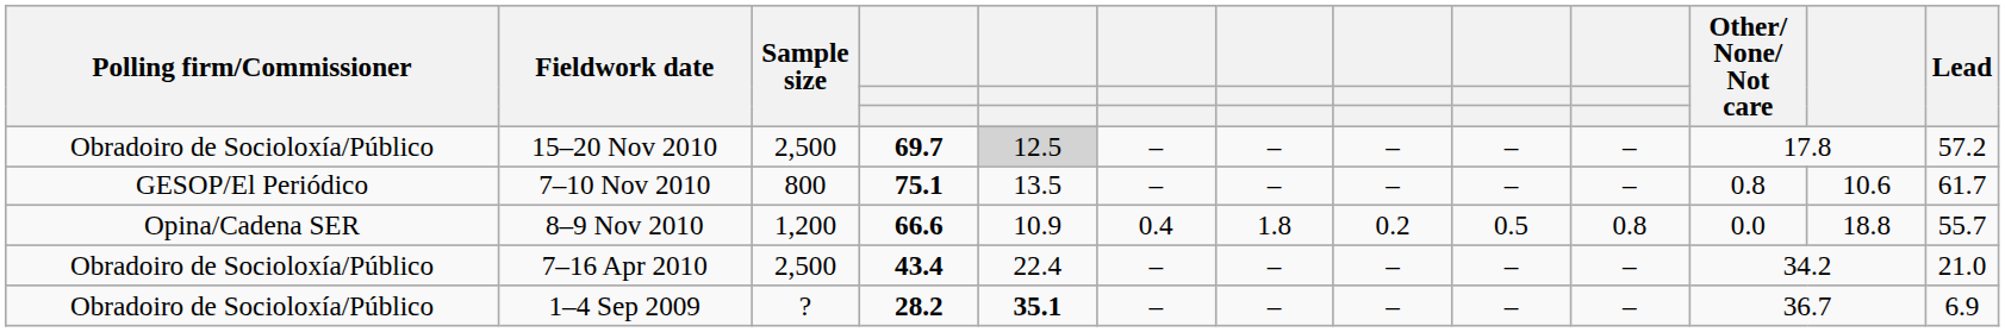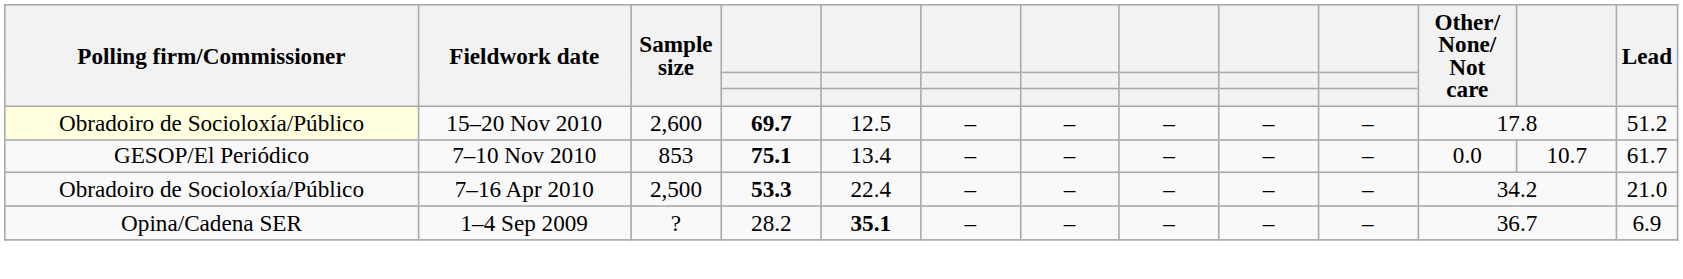 <table class="wikitable collapsible collapsed" style="text-align:center; font-size:90%; line-height:14px;">
 <tr style="height:42px;">
 <th style="width:250px;" rowspan="3">Polling firm/Commissioner</th>
 <th style="width:125px;" rowspan="3">Fieldwork date</th>
 <th style="width:50px;" rowspan="3">Sample size</th>
 <th style="width:55px;"></th>
 <th style="width:55px;"></th>
 <th style="width:55px;"></th>
 <th style="width:55px;"></th>
 <th style="width:55px;"></th>
 <th style="width:55px;"></th>
 <th style="width:55px;"></th>
 <th style="width:55px;" rowspan="3">Other/<br>None/<br>Not<br>care</th>
 <th style="width:55px;" rowspan="3"></th>
 <th style="width:30px;" rowspan="3">Lead</th>
 </tr>
 <tr>
 <th style="color:inherit;background:"></th>
 <th style="color:inherit;background:"></th>
 <th style="color:inherit;background:"></th>
 <th style="color:inherit;background:"></th>
 <th style="color:inherit;background:"></th>
 <th style="color:inherit;background:"></th>
 <th style="color:inherit;background:"></th>
 </tr>
 <tr>
 <th></th>
 <th></th>
 <th></th>
 <th></th>
 <th></th>
 <th></th>
 <th></th>
 </tr>
 <tr>
-<td>Obradoiro de Socioloxía/Público</td>
+<td style="background: lightyellow;">Obradoiro de Socioloxía/Público</td>
 <td>15–20 Nov 2010</td>
-<td>2,500</td>
+<td>2,600</td>
 <td><strong>69.7</strong></td>
-<td style="background: lightgrey;">12.5</td>
+<td>12.5</td>
 <td>–</td>
 <td>–</td>
 <td>–</td>
 <td>–</td>
 <td>–</td>
 <td colspan="2">17.8</td>
-<td style="background:">57.2</td>
+<td style="background:">51.2</td>
 </tr>
 <tr>
 <td>GESOP/El Periódico</td>
 <td>7–10 Nov 2010</td>
-<td>800</td>
+<td>853</td>
 <td><strong>75.1</strong></td>
-<td>13.5</td>
+<td>13.4</td>
 <td>–</td>
 <td>–</td>
 <td>–</td>
 <td>–</td>
 <td>–</td>
-<td>0.8</td>
-<td>10.6</td>
+<td>0.0</td>
+<td>10.7</td>
 <td style="background:">61.7</td>
-</tr>
-<tr>
-<td>Opina/Cadena SER</td>
-<td>8–9 Nov 2010</td>
-<td>1,200</td>
-<td><strong>66.6</strong></td>
-<td>10.9</td>
-<td>0.4</td>
-<td>1.8</td>
-<td>0.2</td>
-<td>0.5</td>
-<td>0.8</td>
-<td>0.0</td>
-<td>18.8</td>
-<td style="background:">55.7</td>
 </tr>
 <tr>
 <td>Obradoiro de Socioloxía/Público</td>
 <td>7–16 Apr 2010</td>
 <td>2,500</td>
-<td><strong>43.4</strong></td>
+<td><strong>53.3</strong></td>
 <td>22.4</td>
 <td>–</td>
 <td>–</td>
 <td>–</td>
 <td>–</td>
 <td>–</td>
 <td colspan="2">34.2</td>
 <td style="background:">21.0</td>
 </tr>
 <tr>
-<td>Obradoiro de Socioloxía/Público</td>
+<td>Opina/Cadena SER</td>
 <td>1–4 Sep 2009</td>
 <td>?</td>
-<td><strong>28.2</strong></td>
+<td>28.2</td>
 <td><strong>35.1</strong></td>
 <td>–</td>
 <td>–</td>
 <td>–</td>
 <td>–</td>
 <td>–</td>
 <td colspan="2">36.7</td>
 <td style="background:">6.9</td>
 </tr>
 </table>
